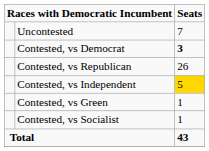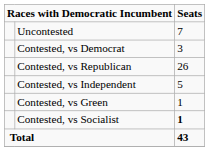 <table class="wikitable">
 <tr>
 <td colspan="2" rowspan="1" align="center"><strong>Races with Democratic Incumbent</strong></td>
 <td style="vertical-align:top;"><strong>Seats</strong><br></td>
 </tr>
 <tr>
 <td style="background-color:"> </td>
 <td>Uncontested</td>
 <td>7</td>
 </tr>
 <tr>
 <td style="background-color:"> </td>
 <td>Contested, vs Democrat</td>
-<td><strong>3</strong></td>
+<td>3</td>
 </tr>
 <tr>
 <td style="background-color:"> </td>
 <td>Contested, vs Republican</td>
 <td>26</td>
 </tr>
 <tr>
 <td style="background-color:"> </td>
 <td>Contested, vs Independent</td>
-<td style="background: gold;">5</td>
+<td>5</td>
 </tr>
 <tr>
 <td style="background-color:"> </td>
 <td>Contested, vs Green</td>
 <td>1</td>
 </tr>
 <tr>
 <td style="background-color:"> </td>
 <td>Contested, vs Socialist</td>
-<td>1</td>
+<td><strong>1</strong></td>
 </tr>
 <tr>
 <td colspan="2" rowspan="1"> <strong>Total</strong><br></td>
 <td><strong>43</strong></td>
 </tr>
 <tr>
 </tr>
 </table>
